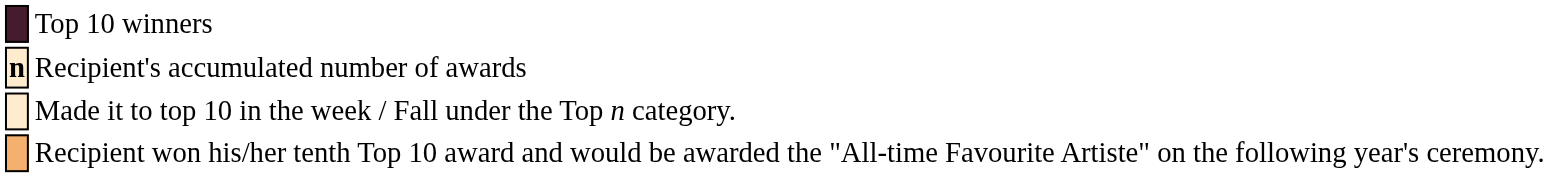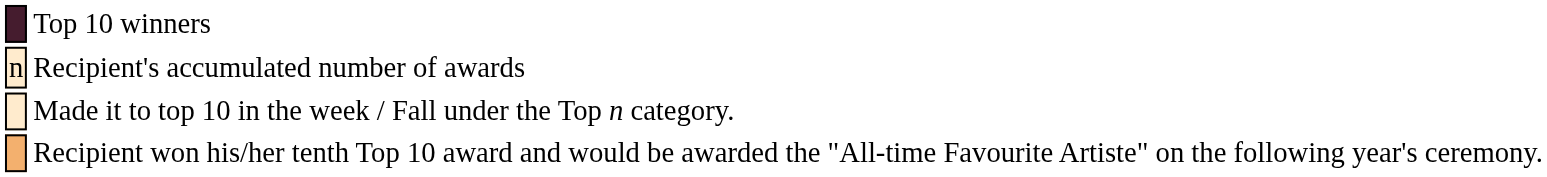 <table class="toccolours" style="font-size: 90%; white-space: nowrap;">
 <tr>
 <td style="background:#451c2e; border:1px solid black; text-align:center;"><strong></strong></td>
 <td>Top 10 winners</td>
 </tr>
 <tr>
-<td style="background:#FFEBCD; border:1px solid black; text-align:center;"><strong>n</strong></td>
+<td style="background:#FFEBCD; border:1px solid black; text-align:center;">n</td>
 <td>Recipient's accumulated number of awards</td>
 </tr>
 <tr>
 <td style="background:#FFEBCD; border:1px solid black; text-align:center;"></td>
 <td>Made it to top 10 in the week / Fall under the Top <em>n</em> category.</td>
 </tr>
 <tr>
 <td style="background:#f3b06e; border:1px solid black; text-align:center;"></td>
 <td>Recipient won his/her tenth Top 10 award and would be awarded the "All-time Favourite Artiste" on the following year's ceremony.</td>
 </tr>
 <tr>
 </tr>
 </table>
